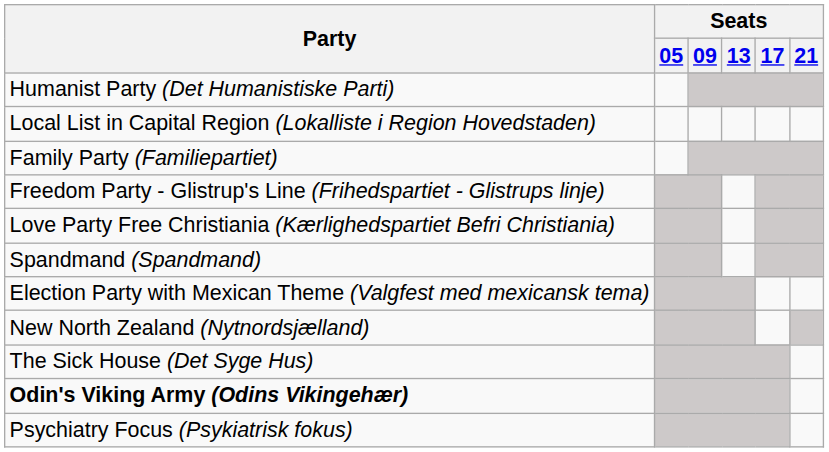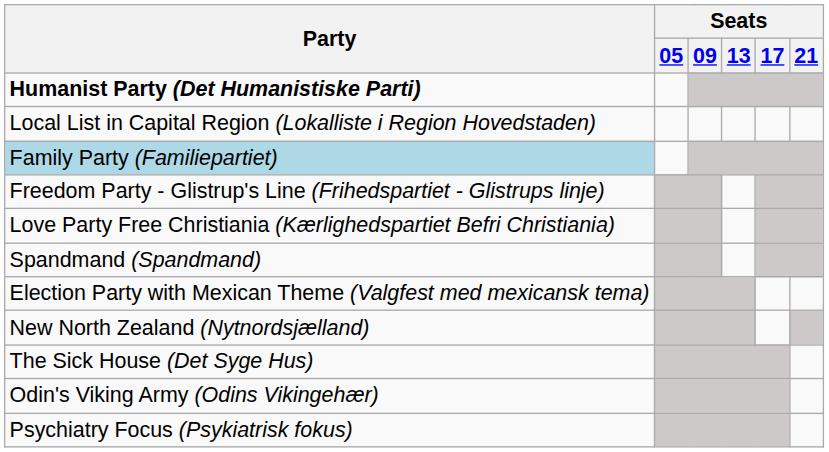 <table class="wikitable">
 <tr>
 <th rowspan=2>Party</th>
 <th colspan=11>Seats</th>
 </tr>
 <tr>
 <th><a href='#'>05</a></th>
 <th><a href='#'>09</a></th>
 <th><a href='#'>13</a></th>
 <th><a href='#'>17</a></th>
 <th><a href='#'>21</a></th>
 </tr>
 <tr>
-<td>Humanist Party <em>(Det Humanistiske Parti)</em></td>
+<td><strong>Humanist Party <em>(Det Humanistiske Parti)</em></strong></td>
 <td></td>
 <td style="background:#CDC9C9;" colspan=4></td>
 </tr>
 <tr>
 <td>Local List in Capital Region <em>(Lokalliste i Region Hovedstaden)</em></td>
 <td></td>
 <td></td>
 <td></td>
 <td></td>
 <td></td>
 </tr>
 <tr>
-<td>Family Party <em>(Familiepartiet)</em></td>
+<td style="background: lightblue;">Family Party <em>(Familiepartiet)</em></td>
 <td></td>
 <td style="background:#CDC9C9;" colspan=4></td>
 </tr>
 <tr>
 <td>Freedom Party - Glistrup's Line <em>(Frihedspartiet - Glistrups linje)</em></td>
 <td style="background:#CDC9C9;" colspan=2></td>
 <td></td>
 <td style="background:#CDC9C9;" colspan=2></td>
 </tr>
 <tr>
 <td>Love Party Free Christiania <em>(Kærlighedspartiet Befri Christiania)</em></td>
 <td style="background:#CDC9C9;" colspan=2></td>
 <td></td>
 <td style="background:#CDC9C9;" colspan=2></td>
 </tr>
 <tr>
 <td>Spandmand <em>(Spandmand)</em></td>
 <td style="background:#CDC9C9;" colspan=2></td>
 <td></td>
 <td style="background:#CDC9C9;" colspan=2></td>
 </tr>
 <tr>
 <td>Election Party with Mexican Theme <em>(Valgfest med mexicansk tema)</em></td>
 <td style="background:#CDC9C9;" colspan=3></td>
 <td></td>
 <td></td>
 </tr>
 <tr>
 <td>New North Zealand <em>(Nytnordsjælland)</em></td>
 <td style="background:#CDC9C9;" colspan=3></td>
 <td></td>
 <td style="background:#CDC9C9;"></td>
 </tr>
 <tr>
 <td>The Sick House <em>(Det Syge Hus)</em></td>
 <td style="background:#CDC9C9;" colspan=4></td>
 <td></td>
 </tr>
 <tr>
-<td><strong>Odin's Viking Army <em>(Odins Vikingehær)</em></strong></td>
+<td>Odin's Viking Army <em>(Odins Vikingehær)</em></td>
 <td style="background:#CDC9C9;" colspan=4></td>
 <td></td>
 </tr>
 <tr>
 <td>Psychiatry Focus <em>(Psykiatrisk fokus)</em></td>
 <td style="background:#CDC9C9;" colspan=4></td>
 <td></td>
 </tr>
 </table>
